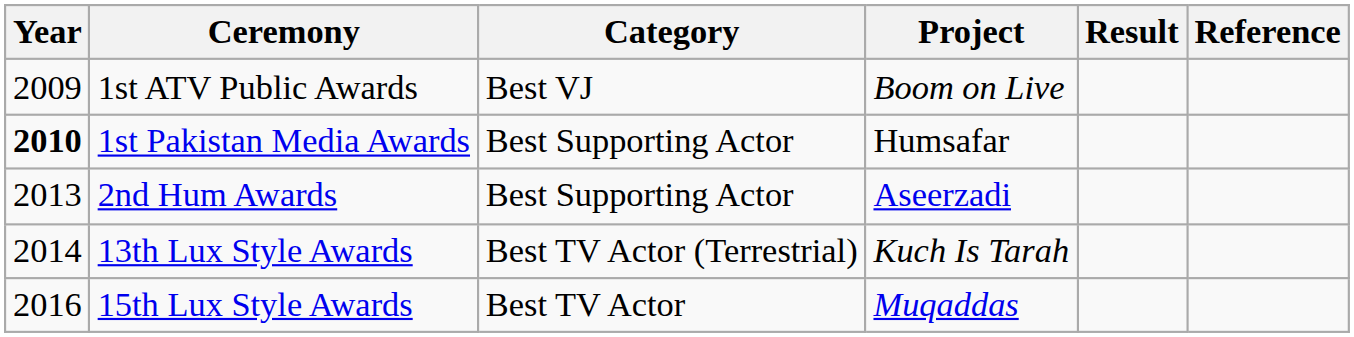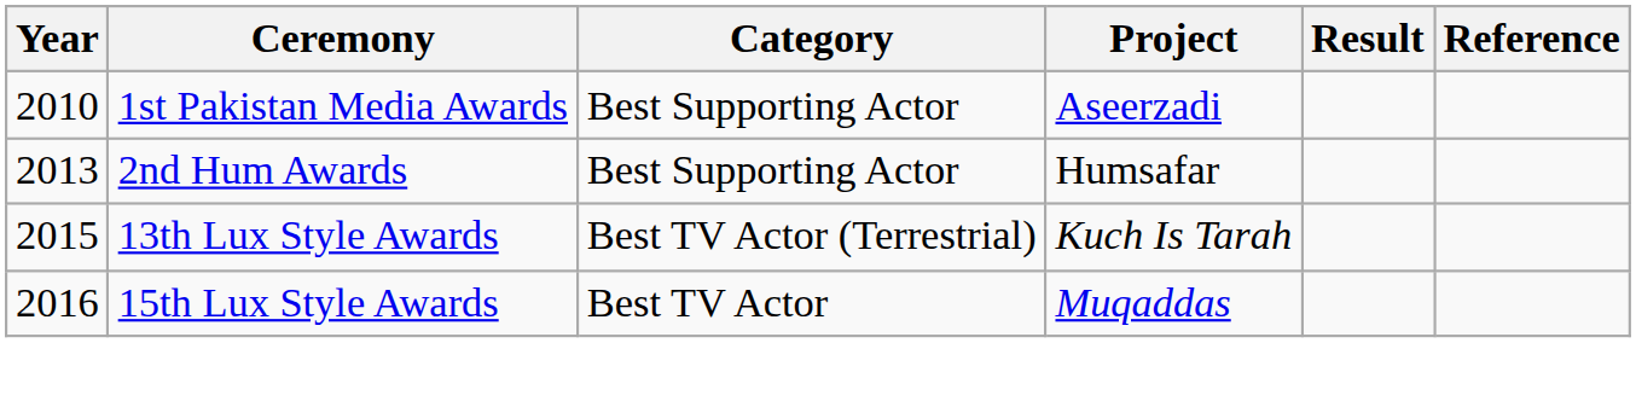 <table class="wikitable style">
 <tr>
 <th>Year</th>
 <th>Ceremony</th>
 <th>Category</th>
 <th>Project</th>
 <th>Result</th>
 <th>Reference</th>
 </tr>
 <tr>
-<td>2009</td>
-<td>1st ATV Public Awards</td>
-<td>Best VJ</td>
-<td><em>Boom on Live</em></td>
-<td></td>
-<td></td>
-</tr>
-<tr>
-<td><strong>2010</strong></td>
+<td>2010</td>
 <td><a href='#'>1st Pakistan Media Awards</a></td>
 <td>Best Supporting Actor</td>
-<td>Humsafar</td>
+<td><a href='#'>Aseerzadi</a></td>
 <td></td>
 <td></td>
 </tr>
 <tr>
 <td>2013</td>
 <td><a href='#'>2nd Hum Awards</a></td>
 <td>Best Supporting Actor</td>
-<td><a href='#'>Aseerzadi</a></td>
+<td>Humsafar</td>
 <td></td>
 <td></td>
 </tr>
 <tr>
-<td>2014</td>
+<td>2015</td>
 <td><a href='#'>13th Lux Style Awards</a></td>
 <td>Best TV Actor (Terrestrial)</td>
 <td><em>Kuch Is Tarah</em></td>
 <td></td>
 <td></td>
 </tr>
 <tr>
 <td>2016</td>
 <td><a href='#'>15th Lux Style Awards</a></td>
 <td>Best TV Actor</td>
 <td><em><a href='#'>Muqaddas</a></em></td>
 <td></td>
 <td></td>
 </tr>
 </table>
